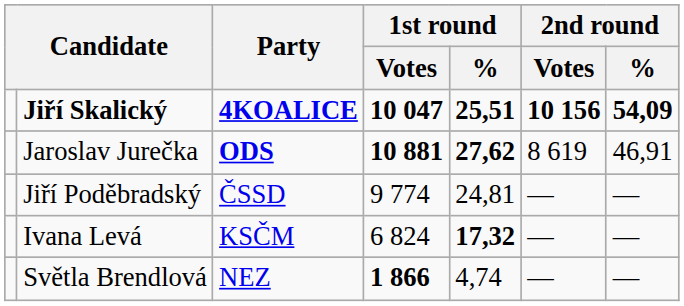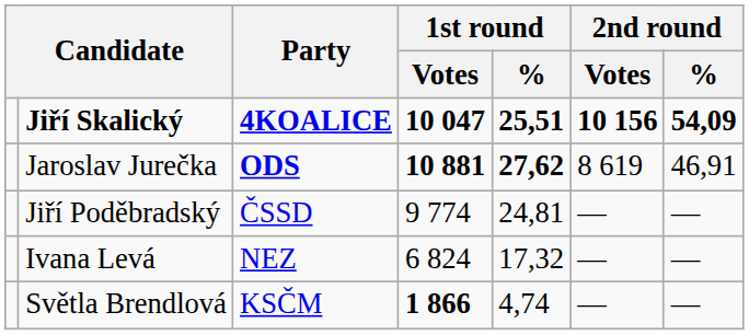 <table class="wikitable sortable">
 <tr>
 <th colspan="2" rowspan="2">Candidate</th>
 <th rowspan="2">Party</th>
 <th colspan="2">1st round</th>
 <th colspan="2">2nd round</th>
 </tr>
 <tr>
 <th>Votes</th>
 <th>%</th>
 <th>Votes</th>
 <th>%</th>
 </tr>
 <tr>
 <td style="background-color:"></td>
 <td><strong>Jiří Skalický</strong></td>
 <td><strong><a href='#'>4KOALICE</a></strong></td>
 <td><strong>10 047</strong></td>
 <td><strong>25,51</strong></td>
 <td><strong>10 156</strong></td>
 <td><strong>54,09</strong></td>
 </tr>
 <tr>
 <td style="background-color:"></td>
 <td>Jaroslav Jurečka</td>
 <td><a href='#'><strong>ODS</strong></a></td>
 <td><strong>10 881</strong></td>
 <td><strong>27,62</strong></td>
 <td>8 619</td>
 <td>46,91</td>
 </tr>
 <tr>
 <td style="background-color:"></td>
 <td>Jiří Poděbradský</td>
 <td><a href='#'>ČSSD</a></td>
 <td>9 774</td>
 <td>24,81</td>
 <td>—</td>
 <td>—</td>
 </tr>
 <tr>
 <td style="background-color:"></td>
 <td>Ivana Levá</td>
-<td><a href='#'>KSČM</a></td>
+<td><a href='#'>NEZ</a></td>
 <td>6 824</td>
-<td><strong>17,32</strong></td>
+<td>17,32</td>
 <td>—</td>
 <td>—</td>
 </tr>
 <tr>
 <td style="background-color:"></td>
 <td>Světla Brendlová</td>
-<td><a href='#'>NEZ</a></td>
+<td><a href='#'>KSČM</a></td>
 <td><strong>1 866</strong></td>
 <td>4,74</td>
 <td>—</td>
 <td>—</td>
 </tr>
 </table>
